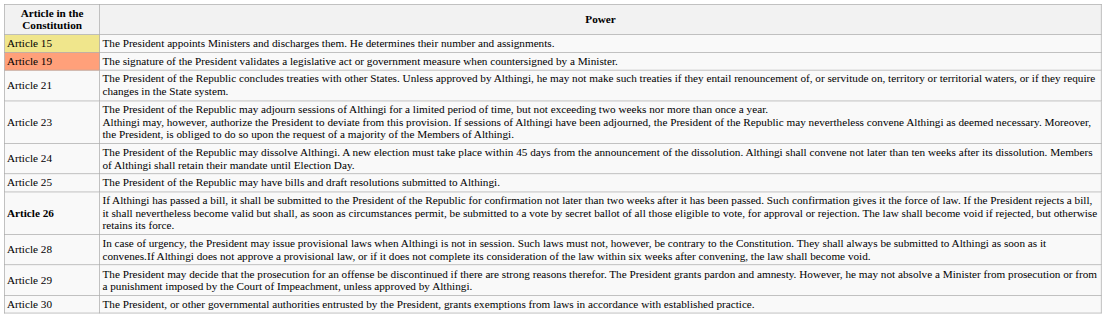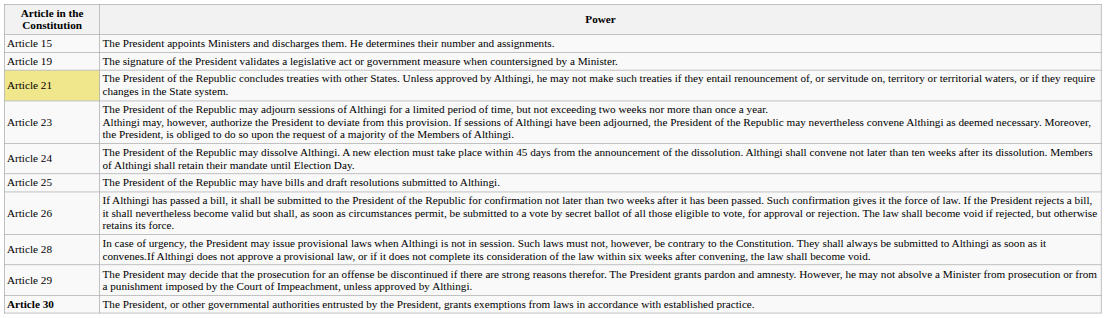 <table class="wikitable">
 <tr>
 <th>Article in the Constitution</th>
 <th>Power</th>
 </tr>
 <tr>
-<td style="background: khaki;">Article 15</td>
+<td>Article 15</td>
 <td>The President appoints Ministers and discharges them. He determines their number and assignments.</td>
 </tr>
 <tr>
-<td style="background: lightsalmon;">Article 19</td>
+<td>Article 19</td>
 <td>The signature of the President validates a legislative act or government measure when countersigned by a Minister.</td>
 </tr>
 <tr>
-<td>Article 21</td>
+<td style="background: khaki;">Article 21</td>
 <td>The President of the Republic concludes treaties with other States. Unless approved by Althingi, he may not make such treaties if they entail renouncement of, or servitude on, territory or territorial waters, or if they require changes in the State system.</td>
 </tr>
 <tr>
 <td>Article 23</td>
 <td>The President of the Republic may adjourn sessions of Althingi for a limited period of time, but not exceeding two weeks nor more than once a year.<br>Althingi may, however, authorize the President to deviate from this provision.  If sessions of Althingi have been adjourned, the President of the Republic may nevertheless convene Althingi as deemed necessary. Moreover, the President, is obliged to do so upon the request of a majority of the Members of Althingi.</td>
 </tr>
 <tr>
 <td>Article 24</td>
 <td>The President of the Republic may dissolve Althingi. A new election must take place within 45 days from the announcement of the dissolution. Althingi shall convene not later than ten weeks after its dissolution. Members of Althingi shall retain their mandate until Election Day.</td>
 </tr>
 <tr>
 <td>Article 25</td>
 <td>The President of the Republic may have bills and draft resolutions submitted to Althingi.</td>
 </tr>
 <tr>
-<td><strong>Article 26</strong></td>
+<td>Article 26</td>
 <td>If Althingi has passed a bill, it shall be submitted to the President of the Republic for confirmation not later than two weeks after it has been passed. Such confirmation gives it the force of law. If the President rejects a bill, it shall nevertheless become valid but shall, as soon as circumstances permit, be submitted to a vote by secret ballot of all those eligible to vote, for approval or rejection. The law shall become void if rejected, but otherwise retains its force.</td>
 </tr>
 <tr>
 <td>Article 28</td>
 <td>In case of urgency, the President may issue provisional laws when Althingi is not in session. Such laws must not, however, be contrary to the Constitution. They shall always be submitted to Althingi as soon as it convenes.If Althingi does not approve a provisional law, or if it does not complete its consideration of the law within six weeks after convening, the law shall become void.</td>
 </tr>
 <tr>
 <td>Article 29</td>
 <td>The President may decide that the prosecution for an offense be discontinued if there are strong reasons therefor. The President grants pardon and amnesty. However, he may not absolve a Minister from prosecution or from a punishment imposed by the Court of Impeachment, unless approved by Althingi.</td>
 </tr>
 <tr>
-<td>Article 30</td>
+<td><strong>Article 30</strong></td>
 <td>The President, or other governmental authorities entrusted by the President, grants exemptions from laws in accordance with established practice.</td>
 </tr>
 </table>
